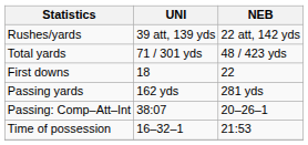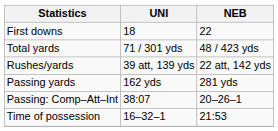 <table class="wikitable" style="float: left;">
 <tr>
 <th>Statistics</th>
 <th>UNI</th>
 <th>NEB</th>
 </tr>
 <tr>
-<td>Rushes/yards</td>
-<td>39 att, 139 yds</td>
-<td>22 att, 142 yds</td>
+<td>First downs</td>
+<td>18</td>
+<td>22</td>
 </tr>
 <tr>
 <td>Total yards</td>
 <td>71 / 301 yds</td>
 <td>48 / 423 yds</td>
 </tr>
 <tr>
-<td>First downs</td>
-<td>18</td>
-<td>22</td>
+<td>Rushes/yards</td>
+<td>39 att, 139 yds</td>
+<td>22 att, 142 yds</td>
 </tr>
 <tr>
 <td>Passing yards</td>
 <td>162 yds</td>
 <td>281 yds</td>
 </tr>
 <tr>
 <td>Passing: Comp–Att–Int</td>
 <td>38:07</td>
 <td>20–26–1</td>
 </tr>
 <tr>
 <td>Time of possession</td>
 <td>16–32–1</td>
 <td>21:53</td>
 </tr>
 <tr>
 </tr>
 </table>
